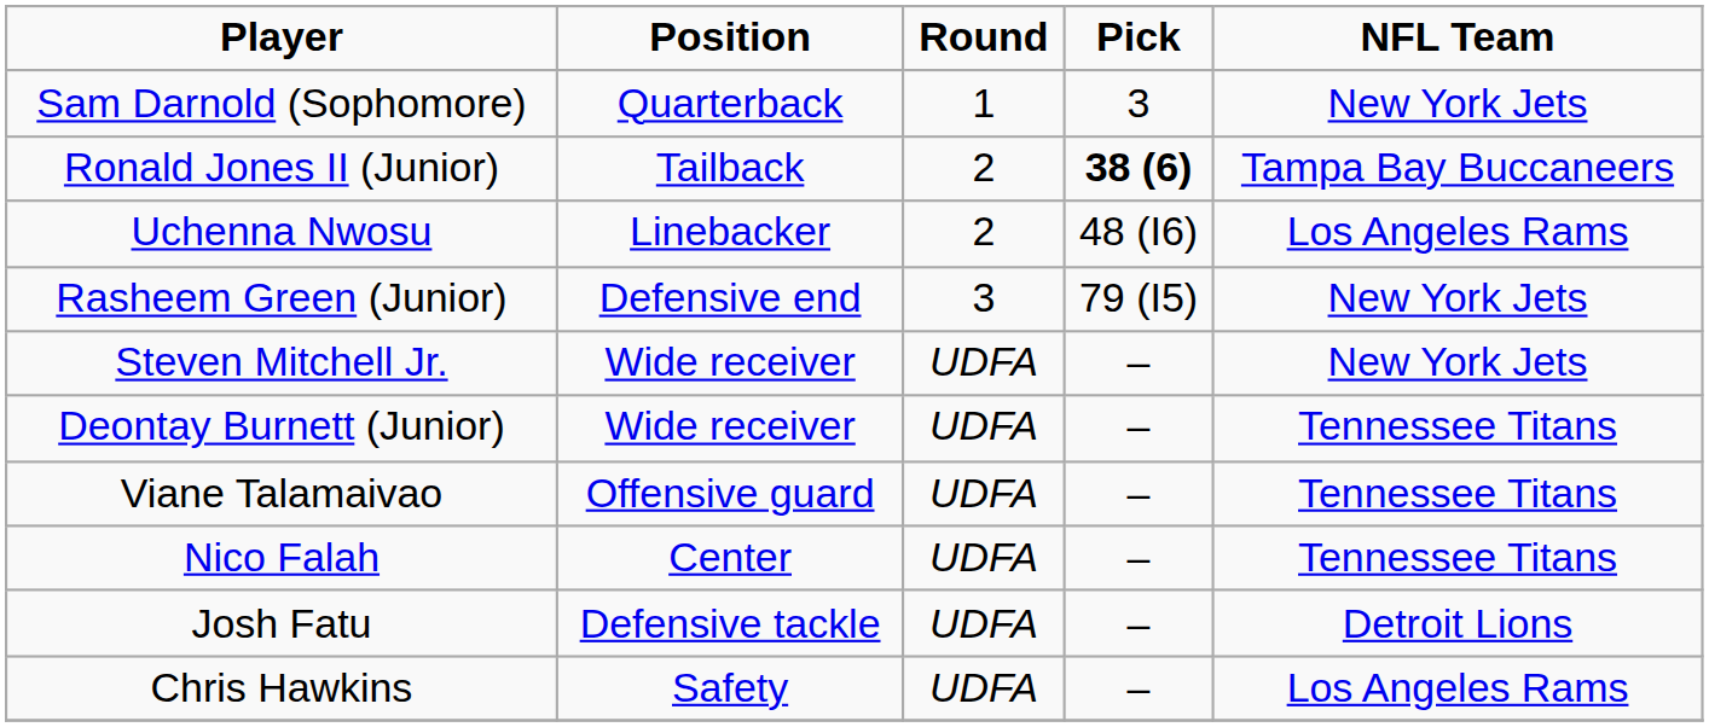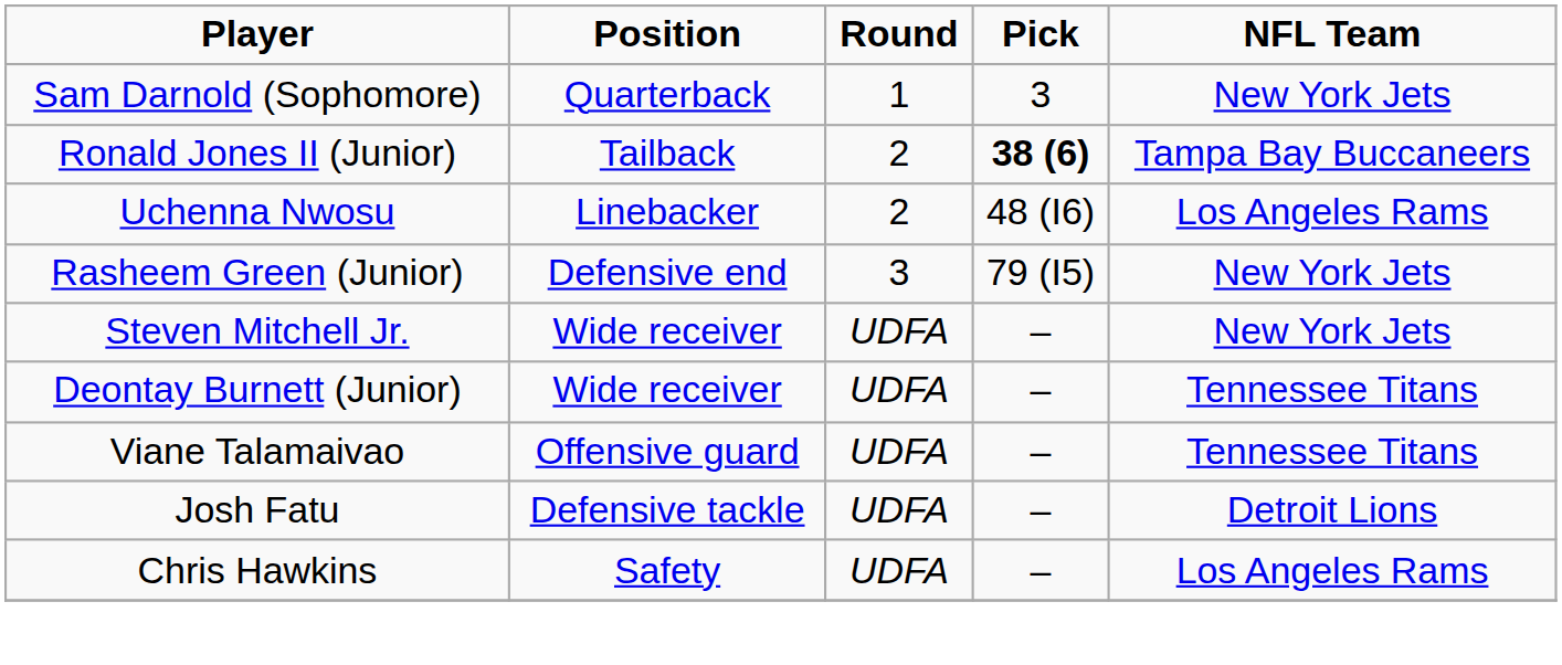 <table class="wikitable" style="width:75%;">
 <tr style="text-align:center; ">
 <td><strong>Player</strong></td>
 <td><strong>Position</strong></td>
 <td><strong>Round</strong></td>
 <td><strong>Pick</strong></td>
 <td><strong>NFL Team</strong></td>
 </tr>
 <tr align="center" bgcolor="">
 <td><a href='#'>Sam Darnold</a> (Sophomore)</td>
 <td><a href='#'>Quarterback</a></td>
 <td>1</td>
 <td>3</td>
 <td><a href='#'>New York Jets</a></td>
 </tr>
 <tr align="center" bgcolor="">
 <td><a href='#'>Ronald Jones II</a> (Junior)</td>
 <td><a href='#'>Tailback</a></td>
 <td>2</td>
 <td><strong>38 (6)</strong></td>
 <td><a href='#'>Tampa Bay Buccaneers</a></td>
 </tr>
 <tr align="center" bgcolor="">
 <td><a href='#'>Uchenna Nwosu</a></td>
 <td><a href='#'>Linebacker</a></td>
 <td>2</td>
 <td>48 (I6)</td>
 <td><a href='#'>Los Angeles Rams</a></td>
 </tr>
 <tr align="center" bgcolor="">
 <td><a href='#'>Rasheem Green</a> (Junior)</td>
 <td><a href='#'>Defensive end</a></td>
 <td>3</td>
 <td>79 (I5)</td>
 <td><a href='#'>New York Jets</a></td>
 </tr>
 <tr align="center" bgcolor="">
 <td><a href='#'>Steven Mitchell Jr.</a></td>
 <td><a href='#'>Wide receiver</a></td>
 <td><em>UDFA</em></td>
 <td>–</td>
 <td><a href='#'>New York Jets</a></td>
 </tr>
 <tr align="center" bgcolor="">
 <td><a href='#'>Deontay Burnett</a> (Junior)</td>
 <td><a href='#'>Wide receiver</a></td>
 <td><em>UDFA</em></td>
 <td>–</td>
 <td><a href='#'>Tennessee Titans</a></td>
 </tr>
 <tr align="center" bgcolor="">
 <td>Viane Talamaivao</td>
 <td><a href='#'>Offensive guard</a></td>
 <td><em>UDFA</em></td>
 <td>–</td>
 <td><a href='#'>Tennessee Titans</a></td>
 </tr>
 <tr align="center" bgcolor="">
-<td><a href='#'>Nico Falah</a></td>
-<td><a href='#'>Center</a></td>
-<td><em>UDFA</em></td>
-<td>–</td>
-<td><a href='#'>Tennessee Titans</a></td>
-</tr>
-<tr align="center" bgcolor="">
 <td>Josh Fatu</td>
 <td><a href='#'>Defensive tackle</a></td>
 <td><em>UDFA</em></td>
 <td>–</td>
 <td><a href='#'>Detroit Lions</a></td>
 </tr>
 <tr align="center" bgcolor="">
 <td>Chris Hawkins</td>
 <td><a href='#'>Safety</a></td>
 <td><em>UDFA</em></td>
 <td>–</td>
 <td><a href='#'>Los Angeles Rams</a></td>
 </tr>
 <tr align="center" bgcolor="">
 </tr>
 </table>
